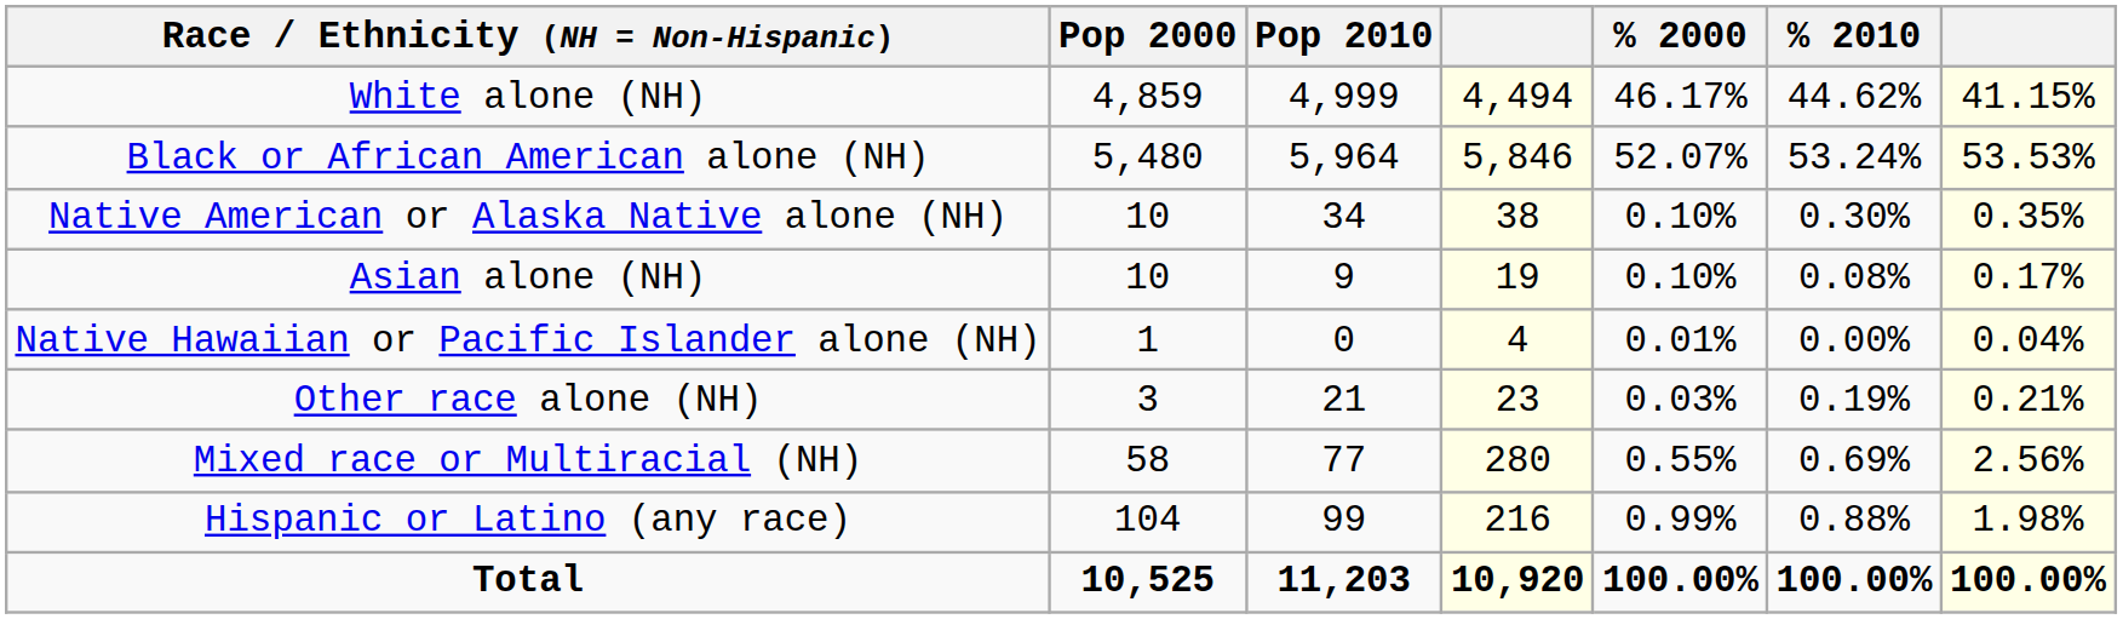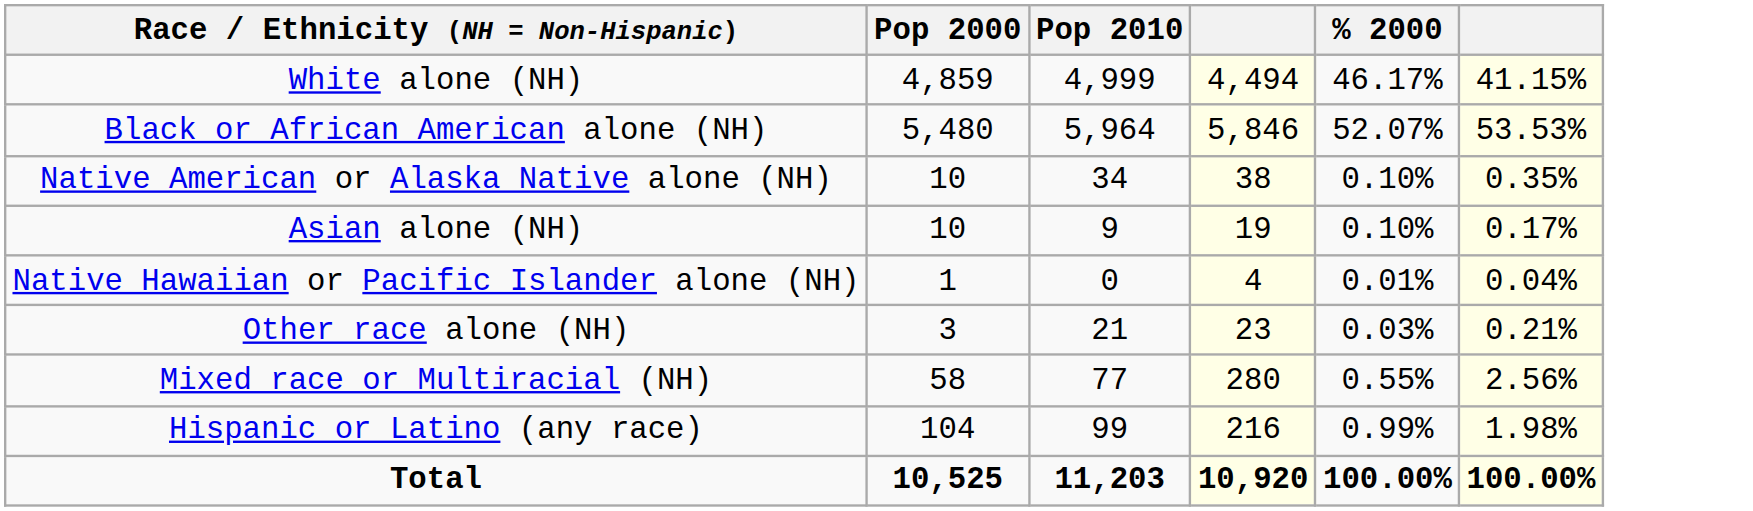 <table class="wikitable" style="text-align:center;">
 <tr>
 <th>Race / Ethnicity <small>(<em>NH = Non-Hispanic</em>)</small></th>
 <th>Pop 2000</th>
 <th>Pop 2010</th>
 <th></th>
 <th>% 2000</th>
-<th>% 2010</th>
 <th></th>
 </tr>
 <tr>
 <td><a href='#'>White</a> alone (NH)</td>
 <td>4,859</td>
 <td>4,999</td>
 <td style='background: #ffffe6;'>4,494</td>
 <td>46.17%</td>
-<td>44.62%</td>
 <td style='background: #ffffe6;'>41.15%</td>
 </tr>
 <tr>
 <td><a href='#'>Black or African American</a> alone (NH)</td>
 <td>5,480</td>
 <td>5,964</td>
 <td style='background: #ffffe6;'>5,846</td>
 <td>52.07%</td>
-<td>53.24%</td>
 <td style='background: #ffffe6;'>53.53%</td>
 </tr>
 <tr>
 <td><a href='#'>Native American</a> or <a href='#'>Alaska Native</a> alone (NH)</td>
 <td>10</td>
 <td>34</td>
 <td style='background: #ffffe6;'>38</td>
 <td>0.10%</td>
-<td>0.30%</td>
 <td style='background: #ffffe6;'>0.35%</td>
 </tr>
 <tr>
 <td><a href='#'>Asian</a> alone (NH)</td>
 <td>10</td>
 <td>9</td>
 <td style='background: #ffffe6;'>19</td>
 <td>0.10%</td>
-<td>0.08%</td>
 <td style='background: #ffffe6;'>0.17%</td>
 </tr>
 <tr>
 <td><a href='#'>Native Hawaiian</a> or <a href='#'>Pacific Islander</a> alone (NH)</td>
 <td>1</td>
 <td>0</td>
 <td style='background: #ffffe6;'>4</td>
 <td>0.01%</td>
-<td>0.00%</td>
 <td style='background: #ffffe6;'>0.04%</td>
 </tr>
 <tr>
 <td><a href='#'>Other race</a> alone (NH)</td>
 <td>3</td>
 <td>21</td>
 <td style='background: #ffffe6;'>23</td>
 <td>0.03%</td>
-<td>0.19%</td>
 <td style='background: #ffffe6;'>0.21%</td>
 </tr>
 <tr>
 <td><a href='#'>Mixed race or Multiracial</a> (NH)</td>
 <td>58</td>
 <td>77</td>
 <td style='background: #ffffe6;'>280</td>
 <td>0.55%</td>
-<td>0.69%</td>
 <td style='background: #ffffe6;'>2.56%</td>
 </tr>
 <tr>
 <td><a href='#'>Hispanic or Latino</a> (any race)</td>
 <td>104</td>
 <td>99</td>
 <td style='background: #ffffe6;'>216</td>
 <td>0.99%</td>
-<td>0.88%</td>
 <td style='background: #ffffe6;'>1.98%</td>
 </tr>
 <tr>
 <td><strong>Total</strong></td>
 <td><strong>10,525</strong></td>
 <td><strong>11,203</strong></td>
 <td style='background: #ffffe6;'><strong>10,920</strong></td>
 <td><strong>100.00%</strong></td>
-<td><strong>100.00%</strong></td>
 <td style='background: #ffffe6;'><strong>100.00%</strong></td>
 </tr>
 </table>
